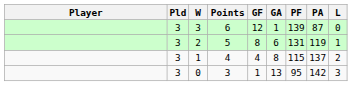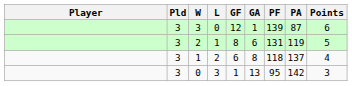 <table class=wikitable style="text-align:center">
 <tr>
 <th width=220>Player</th>
 <th width=20>Pld</th>
 <th width=20>W</th>
-<th width=50>Points</th>
+<th width=20>L</th>
 <th width=20>GF</th>
 <th width=20>GA</th>
 <th width=20>PF</th>
 <th width=20>PA</th>
-<th width=20>L</th>
+<th width=50>Points</th>
 </tr>
 <tr bgcolor="#ccffcc">
 <td align=left></td>
 <td>3</td>
 <td>3</td>
-<td>6</td>
+<td>0</td>
 <td>12</td>
 <td>1</td>
 <td>139</td>
 <td>87</td>
-<td>0</td>
+<td>6</td>
 </tr>
 <tr bgcolor="#ccffcc">
 <td align=left></td>
 <td>3</td>
 <td>2</td>
-<td>5</td>
+<td>1</td>
 <td>8</td>
 <td>6</td>
 <td>131</td>
 <td>119</td>
-<td>1</td>
+<td>5</td>
 </tr>
 <tr>
 <td align=left></td>
 <td>3</td>
 <td>1</td>
+<td>2</td>
+<td>6</td>
+<td>8</td>
+<td>118</td>
+<td>137</td>
 <td>4</td>
-<td>4</td>
-<td>8</td>
-<td>115</td>
-<td>137</td>
-<td>2</td>
 </tr>
 <tr>
 <td align=left></td>
 <td>3</td>
 <td>0</td>
 <td>3</td>
 <td>1</td>
 <td>13</td>
 <td>95</td>
 <td>142</td>
 <td>3</td>
 </tr>
 </table>
